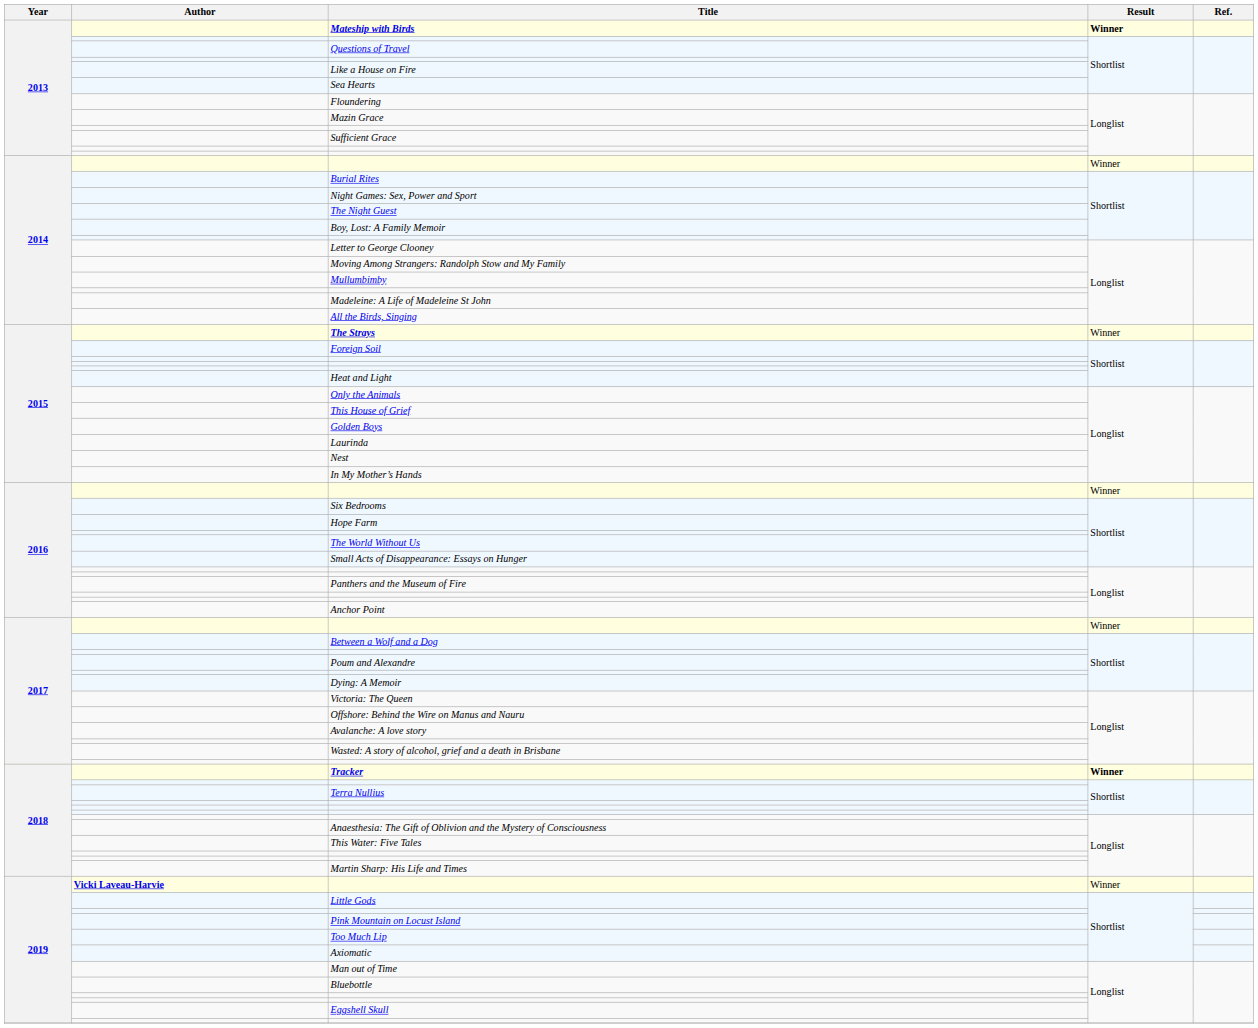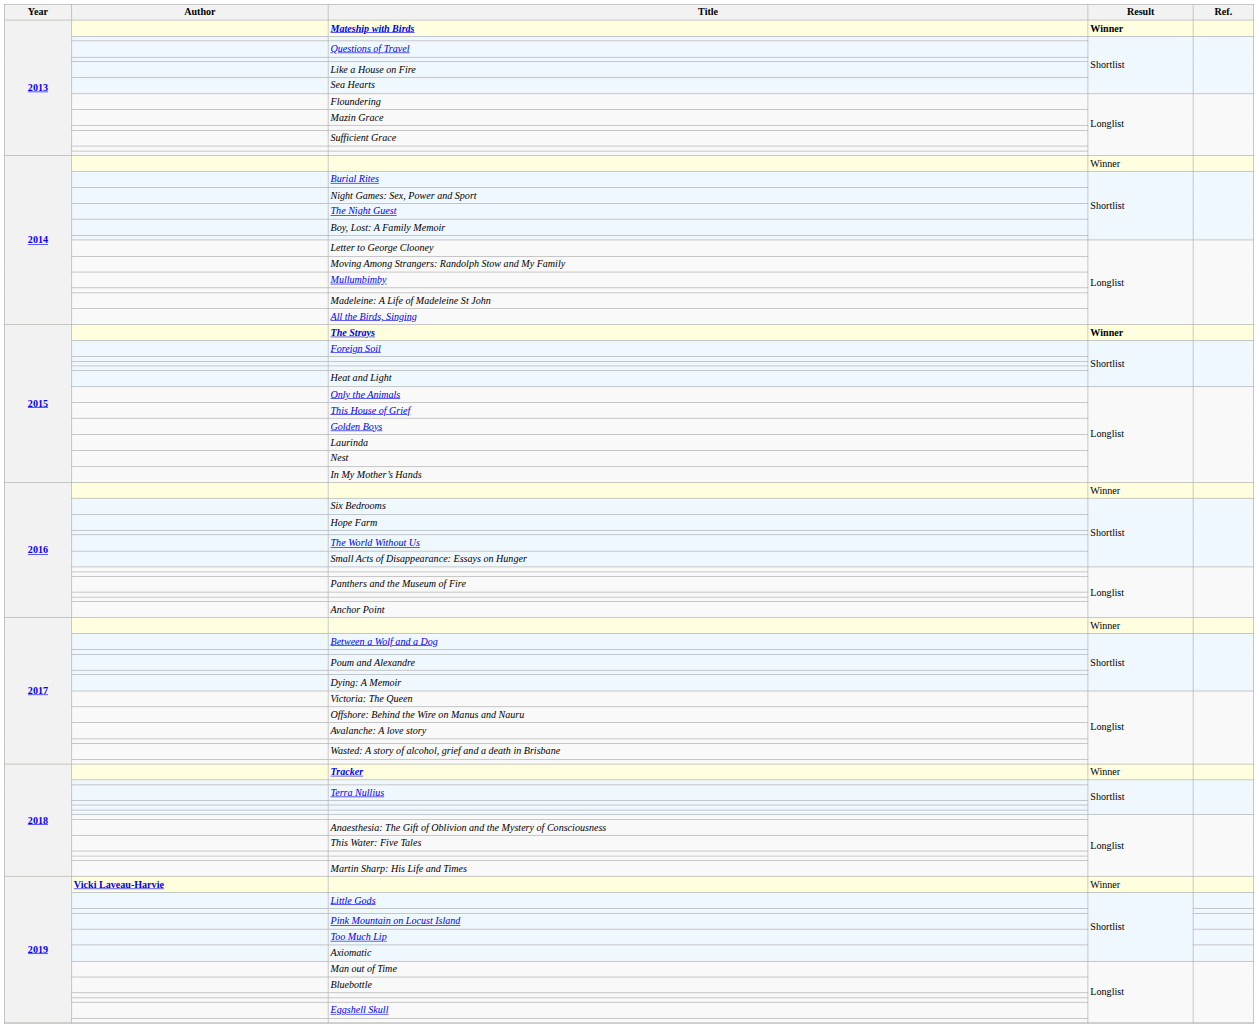 <table class="wikitable sortable mw-collapsible" width=100%>
 <tr>
 <th>Year</th>
 <th>Author</th>
 <th>Title</th>
 <th>Result</th>
 <th>Ref.</th>
 </tr>
 <tr style=background:lightyellow>
 <th rowspan="12"><a href='#'>2013</a></th>
 <td><strong></strong></td>
 <td><strong><em><a href='#'>Mateship with Birds</a></em></strong></td>
 <td><strong>Winner</strong></td>
 <td></td>
 </tr>
 <tr style=background:aliceblue; color:black>
 <td></td>
 <td><em></em></td>
 <td rowspan="5">Shortlist</td>
 <td rowspan="5"></td>
 </tr>
 <tr style=background:aliceblue; color:black>
 <td></td>
 <td><em><a href='#'>Questions of Travel</a></em></td>
 </tr>
 <tr style=background:aliceblue; color:black>
 <td></td>
 <td><em></em></td>
 </tr>
 <tr style=background:aliceblue; color:black>
 <td></td>
 <td><em>Like a House on Fire</em></td>
 </tr>
 <tr style=background:aliceblue; color:black>
 <td></td>
 <td><em>Sea Hearts</em></td>
 </tr>
 <tr>
 <td></td>
 <td><em>Floundering</em></td>
 <td rowspan="6">Longlist</td>
 <td rowspan="6"></td>
 </tr>
 <tr>
 <td></td>
 <td><em>Mazin Grace</em></td>
 </tr>
 <tr>
 <td></td>
 <td><em></em></td>
 </tr>
 <tr>
 <td></td>
 <td><em>Sufficient Grace</em></td>
 </tr>
 <tr>
 <td></td>
 <td><em></em></td>
 </tr>
 <tr>
 <td></td>
 <td><em></em></td>
 </tr>
 <tr style=background:lightyellow>
 <th rowspan="12"><a href='#'>2014</a></th>
 <td><strong></strong></td>
 <td><strong><em></em></strong></td>
 <td>Winner</td>
 <td></td>
 </tr>
 <tr style=background:aliceblue; color:black>
 <td></td>
 <td><em><a href='#'>Burial Rites</a></em></td>
 <td rowspan="5">Shortlist</td>
 <td rowspan="5"></td>
 </tr>
 <tr style=background:aliceblue; color:black>
 <td></td>
 <td><em>Night Games: Sex, Power and Sport</em></td>
 </tr>
 <tr style=background:aliceblue; color:black>
 <td></td>
 <td><em><a href='#'>The Night Guest</a></em></td>
 </tr>
 <tr style=background:aliceblue; color:black>
 <td></td>
 <td><em>Boy, Lost: A Family Memoir</em></td>
 </tr>
 <tr style=background:aliceblue; color:black>
 <td></td>
 <td><em></em></td>
 </tr>
 <tr>
 <td></td>
 <td><em>Letter to George Clooney</em></td>
 <td rowspan="6">Longlist</td>
 <td rowspan="6"></td>
 </tr>
 <tr>
 <td></td>
 <td><em>Moving Among Strangers: Randolph Stow and My Family</em></td>
 </tr>
 <tr>
 <td></td>
 <td><em><a href='#'>Mullumbimby</a></em></td>
 </tr>
 <tr>
 <td></td>
 <td><em></em></td>
 </tr>
 <tr>
 <td></td>
 <td><em>Madeleine: A Life of Madeleine St John</em></td>
 </tr>
 <tr>
 <td></td>
 <td><em><a href='#'>All the Birds, Singing</a></em></td>
 </tr>
 <tr style=background:lightyellow>
 <th rowspan="12"><a href='#'>2015</a></th>
 <td><strong></strong></td>
 <td><strong><em><a href='#'>The Strays</a></em></strong></td>
-<td>Winner</td>
+<td><strong>Winner</strong></td>
 <td></td>
 </tr>
 <tr style=background:aliceblue; color:black>
 <td></td>
 <td><em><a href='#'>Foreign Soil</a></em></td>
 <td rowspan="5">Shortlist</td>
 <td rowspan="5"><sub></sub></td>
 </tr>
 <tr style=background:aliceblue; color:black>
 <td></td>
 <td><em></em></td>
 </tr>
 <tr style=background:aliceblue; color:black>
 <td></td>
 <td><em></em></td>
 </tr>
 <tr style=background:aliceblue; color:black>
 <td></td>
 <td><em></em></td>
 </tr>
 <tr style=background:aliceblue; color:black>
 <td></td>
 <td><em>Heat and Light</em></td>
 </tr>
 <tr>
 <td></td>
 <td><em><a href='#'>Only the Animals</a></em></td>
 <td rowspan="6">Longlist</td>
 <td rowspan="6"></td>
 </tr>
 <tr>
 <td></td>
 <td><em><a href='#'>This House of Grief</a></em></td>
 </tr>
 <tr>
 <td></td>
 <td><em><a href='#'>Golden Boys</a></em></td>
 </tr>
 <tr>
 <td></td>
 <td><em>Laurinda</em></td>
 </tr>
 <tr>
 <td></td>
 <td><em>Nest</em></td>
 </tr>
 <tr>
 <td></td>
 <td><em>In My Mother’s Hands</em></td>
 </tr>
 <tr style=background:lightyellow>
 <th rowspan="12"><a href='#'>2016</a></th>
 <td><strong></strong></td>
 <td><strong><em></em></strong></td>
 <td>Winner</td>
 <td></td>
 </tr>
 <tr style=background:aliceblue; color:black>
 <td></td>
 <td><em>Six Bedrooms</em></td>
 <td rowspan="5">Shortlist</td>
 <td rowspan="5"></td>
 </tr>
 <tr style=background:aliceblue; color:black>
 <td></td>
 <td><em>Hope Farm</em></td>
 </tr>
 <tr style=background:aliceblue; color:black>
 <td></td>
 <td><em></em></td>
 </tr>
 <tr style=background:aliceblue; color:black>
 <td></td>
 <td><em><a href='#'>The World Without Us</a></em></td>
 </tr>
 <tr style=background:aliceblue; color:black>
 <td></td>
 <td><em>Small Acts of Disappearance: Essays on Hunger</em></td>
 </tr>
 <tr>
 <td></td>
 <td><em></em></td>
 <td rowspan="6">Longlist</td>
 <td rowspan="6"></td>
 </tr>
 <tr>
 <td></td>
 <td><em></em></td>
 </tr>
 <tr>
 <td></td>
 <td><em>Panthers and the Museum of Fire</em></td>
 </tr>
 <tr>
 <td></td>
 <td><em></em></td>
 </tr>
 <tr>
 <td></td>
 <td><em></em></td>
 </tr>
 <tr>
 <td></td>
 <td><em>Anchor Point</em></td>
 </tr>
 <tr style=background:lightyellow>
 <th rowspan="12"><a href='#'>2017</a></th>
 <td><strong></strong></td>
 <td><strong><em></em></strong></td>
 <td>Winner</td>
 <td></td>
 </tr>
 <tr style=background:aliceblue; color:black>
 <td></td>
 <td><em><a href='#'>Between a Wolf and a Dog</a></em></td>
 <td rowspan="5">Shortlist</td>
 <td rowspan="5"></td>
 </tr>
 <tr style=background:aliceblue; color:black>
 <td></td>
 <td><em></em></td>
 </tr>
 <tr style=background:aliceblue; color:black>
 <td></td>
 <td><em>Poum and Alexandre</em></td>
 </tr>
 <tr style=background:aliceblue; color:black>
 <td></td>
 <td><em></em></td>
 </tr>
 <tr style=background:aliceblue; color:black>
 <td></td>
 <td><em>Dying: A Memoir</em></td>
 </tr>
 <tr>
 <td></td>
 <td><em>Victoria: The Queen</em></td>
 <td rowspan="6">Longlist</td>
 <td rowspan="6"></td>
 </tr>
 <tr>
 <td></td>
 <td><em>Offshore: Behind the Wire on Manus and Nauru</em></td>
 </tr>
 <tr>
 <td></td>
 <td><em>Avalanche: A love story</em></td>
 </tr>
 <tr>
 <td></td>
 <td><em></em></td>
 </tr>
 <tr>
 <td></td>
 <td><em>Wasted: A story of alcohol, grief and a death in Brisbane</em></td>
 </tr>
 <tr>
 <td></td>
 <td><em></em></td>
 </tr>
 <tr style=background:lightyellow>
 <th rowspan="12"><a href='#'>2018</a></th>
 <td><strong></strong></td>
 <td><strong><em><a href='#'>Tracker</a></em></strong></td>
-<td><strong>Winner</strong></td>
+<td>Winner</td>
 <td></td>
 </tr>
 <tr style=background:aliceblue; color:black>
 <td></td>
 <td><em></em></td>
 <td rowspan="5">Shortlist</td>
 <td rowspan="5"></td>
 </tr>
 <tr style=background:aliceblue; color:black>
 <td></td>
 <td><em><a href='#'>Terra Nullius</a></em></td>
 </tr>
 <tr style=background:aliceblue; color:black>
 <td></td>
 <td><em></em></td>
 </tr>
 <tr style=background:aliceblue; color:black>
 <td></td>
 <td><em></em></td>
 </tr>
 <tr style=background:aliceblue; color:black>
 <td></td>
 <td><em></em></td>
 </tr>
 <tr>
 <td></td>
 <td><em></em></td>
 <td rowspan="6">Longlist</td>
 <td rowspan="6"></td>
 </tr>
 <tr>
 <td></td>
 <td><em>Anaesthesia: The Gift of Oblivion and the Mystery of Consciousness</em></td>
 </tr>
 <tr>
 <td></td>
 <td><em>This Water: Five Tales</em></td>
 </tr>
 <tr>
 <td></td>
 <td><em></em></td>
 </tr>
 <tr>
 <td></td>
 <td><em></em></td>
 </tr>
 <tr>
 <td></td>
 <td><em>Martin Sharp: His Life and Times</em></td>
 </tr>
 <tr style="background:lightyellow">
 <th rowspan="12"><a href='#'>2019</a></th>
 <td><strong><a href='#'>Vicki Laveau-Harvie</a></strong></td>
 <td><strong><em></em></strong></td>
 <td>Winner</td>
 <td></td>
 </tr>
 <tr style="background:aliceblue;" color:black>
 <td></td>
 <td><em><a href='#'>Little Gods</a></em></td>
 <td rowspan="5">Shortlist</td>
 <td></td>
 </tr>
 <tr style="background:aliceblue;" color:black>
 <td></td>
 <td><em></em></td>
 <td></td>
 </tr>
 <tr style="background:aliceblue;" color:black>
 <td></td>
 <td><em><a href='#'>Pink Mountain on Locust Island</a></em></td>
 <td></td>
 </tr>
 <tr style="background:aliceblue;" color:black>
 <td></td>
 <td><em><a href='#'>Too Much Lip</a></em></td>
 <td></td>
 </tr>
 <tr style="background:aliceblue;" color:black>
 <td></td>
 <td><em>Axiomatic</em></td>
 <td></td>
 </tr>
 <tr>
 <td></td>
 <td><em>Man out of Time</em></td>
 <td rowspan="6">Longlist</td>
 <td rowspan="6"></td>
 </tr>
 <tr>
 <td></td>
 <td><em>Bluebottle</em></td>
 </tr>
 <tr>
 <td></td>
 <td><em></em></td>
 </tr>
 <tr>
 <td></td>
 <td><em></em></td>
 </tr>
 <tr>
 <td></td>
 <td><em><a href='#'>Eggshell Skull</a></em></td>
 </tr>
 <tr>
 <td></td>
 <td><em></em></td>
 </tr>
 <tr style="background:lightyellow">
 </tr>
 <tr>
 </tr>
 </table>
